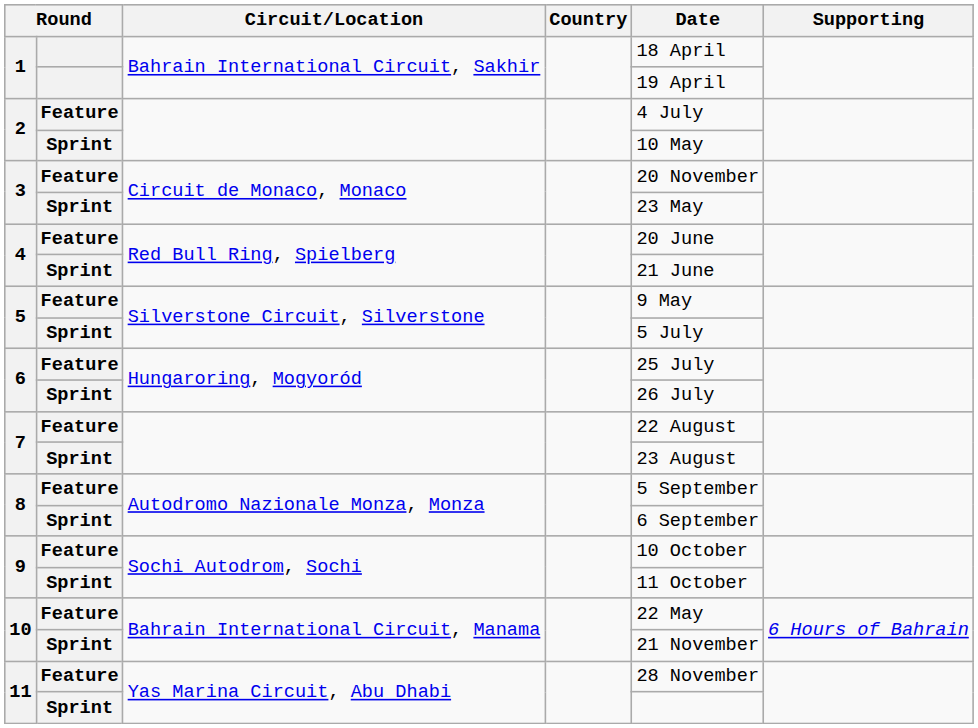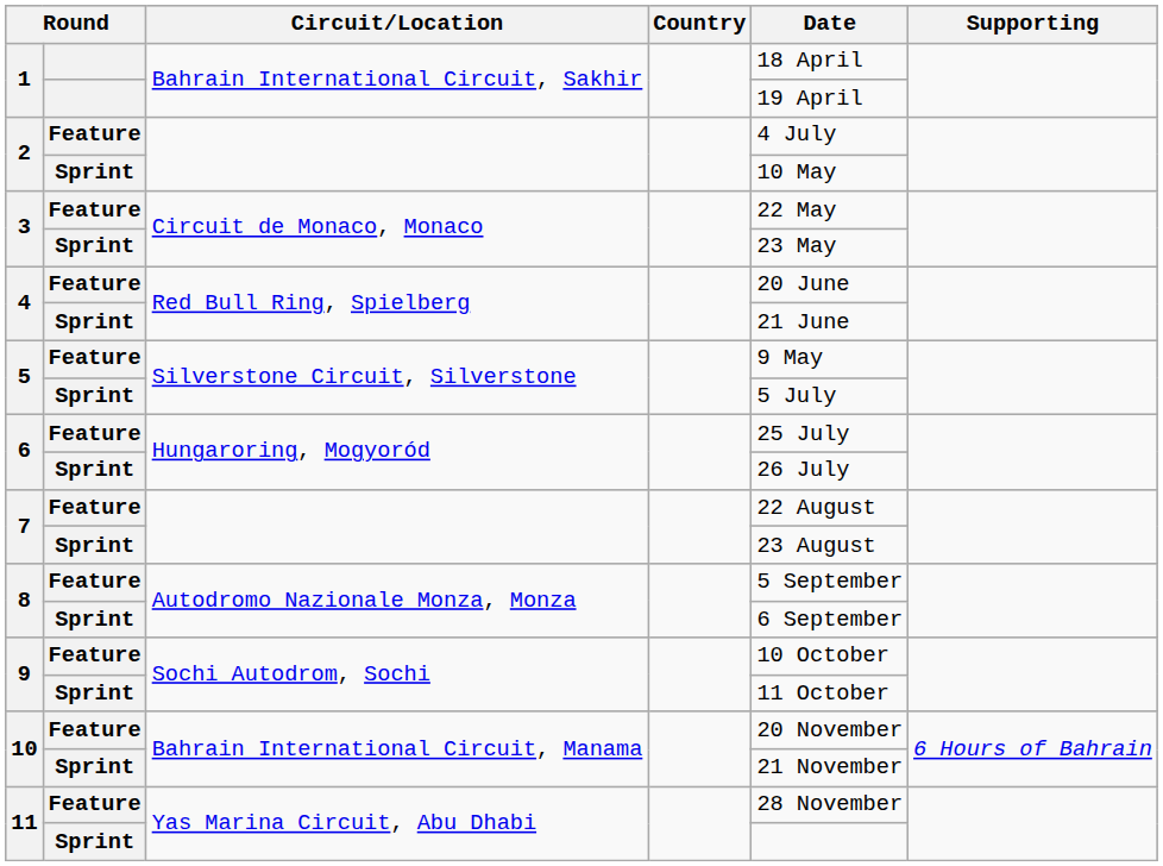 <table class=wikitable style="font-size:90%;">
 <tr>
 <th colspan=2>Round</th>
 <th>Circuit/Location</th>
 <th>Country</th>
 <th>Date</th>
 <th>Supporting</th>
 </tr>
 <tr>
 <th rowspan=2>1</th>
 <th></th>
 <td rowspan=2><a href='#'>Bahrain International Circuit</a>, <a href='#'>Sakhir</a></td>
 <td rowspan=2></td>
 <td>18 April</td>
 <td rowspan=2><em></em></td>
 </tr>
 <tr>
 <th></th>
 <td>19 April</td>
 </tr>
 <tr>
 <th rowspan=2>2</th>
 <th>Feature</th>
 <td rowspan=2></td>
 <td rowspan=2></td>
 <td>4 July</td>
 <td rowspan=2><em></em></td>
 </tr>
 <tr>
 <th>Sprint</th>
 <td>10 May</td>
 </tr>
 <tr>
 <th rowspan=2>3</th>
 <th>Feature</th>
 <td rowspan=2><a href='#'>Circuit de Monaco</a>, <a href='#'>Monaco</a></td>
 <td rowspan=2></td>
-<td>20 November</td>
+<td>22 May</td>
 <td rowspan=2><em></em></td>
 </tr>
 <tr>
 <th>Sprint</th>
 <td>23 May</td>
 </tr>
 <tr>
 <th rowspan=2>4</th>
 <th>Feature</th>
 <td rowspan=2><a href='#'>Red Bull Ring</a>, <a href='#'>Spielberg</a></td>
 <td rowspan=2></td>
 <td>20 June</td>
 <td rowspan=2><em></em></td>
 </tr>
 <tr>
 <th>Sprint</th>
 <td>21 June</td>
 </tr>
 <tr>
 <th rowspan=2>5</th>
 <th>Feature</th>
 <td rowspan=2><a href='#'>Silverstone Circuit</a>, <a href='#'>Silverstone</a></td>
 <td rowspan=2></td>
 <td>9 May</td>
 <td rowspan=2><em></em></td>
 </tr>
 <tr>
 <th>Sprint</th>
 <td>5 July</td>
 </tr>
 <tr>
 <th rowspan=2>6</th>
 <th>Feature</th>
 <td rowspan=2><a href='#'>Hungaroring</a>, <a href='#'>Mogyoród</a></td>
 <td rowspan=2></td>
 <td>25 July</td>
 <td rowspan=2><em></em></td>
 </tr>
 <tr>
 <th>Sprint</th>
 <td>26 July</td>
 </tr>
 <tr>
 <th rowspan=2>7</th>
 <th>Feature</th>
 <td rowspan=2></td>
 <td rowspan=2></td>
 <td>22 August</td>
 <td rowspan=2><em></em></td>
 </tr>
 <tr>
 <th>Sprint</th>
 <td>23 August</td>
 </tr>
 <tr>
 <th rowspan=2>8</th>
 <th>Feature</th>
 <td rowspan=2><a href='#'>Autodromo Nazionale Monza</a>, <a href='#'>Monza</a></td>
 <td rowspan=2></td>
 <td>5 September</td>
 <td rowspan=2><em></em></td>
 </tr>
 <tr>
 <th>Sprint</th>
 <td>6 September</td>
 </tr>
 <tr>
 <th rowspan=2>9</th>
 <th>Feature</th>
 <td rowspan=2><a href='#'>Sochi Autodrom</a>, <a href='#'>Sochi</a></td>
 <td rowspan=2></td>
 <td>10 October</td>
 <td rowspan=2><em></em></td>
 </tr>
 <tr>
 <th>Sprint</th>
 <td>11 October</td>
 </tr>
 <tr>
 <th rowspan=2>10</th>
 <th>Feature</th>
 <td rowspan=2><a href='#'>Bahrain International Circuit</a>, <a href='#'>Manama</a></td>
 <td rowspan=2></td>
-<td>22 May</td>
+<td>20 November</td>
 <td rowspan=2><em><a href='#'>6 Hours of Bahrain</a></em></td>
 </tr>
 <tr>
 <th>Sprint</th>
 <td>21 November</td>
 </tr>
 <tr>
 <th rowspan=2>11</th>
 <th>Feature</th>
 <td rowspan=2><a href='#'>Yas Marina Circuit</a>, <a href='#'>Abu Dhabi</a></td>
 <td rowspan=2></td>
 <td>28 November</td>
 <td rowspan=2></td>
 </tr>
 <tr>
 <th>Sprint</th>
 <td></td>
 </tr>
 </table>
